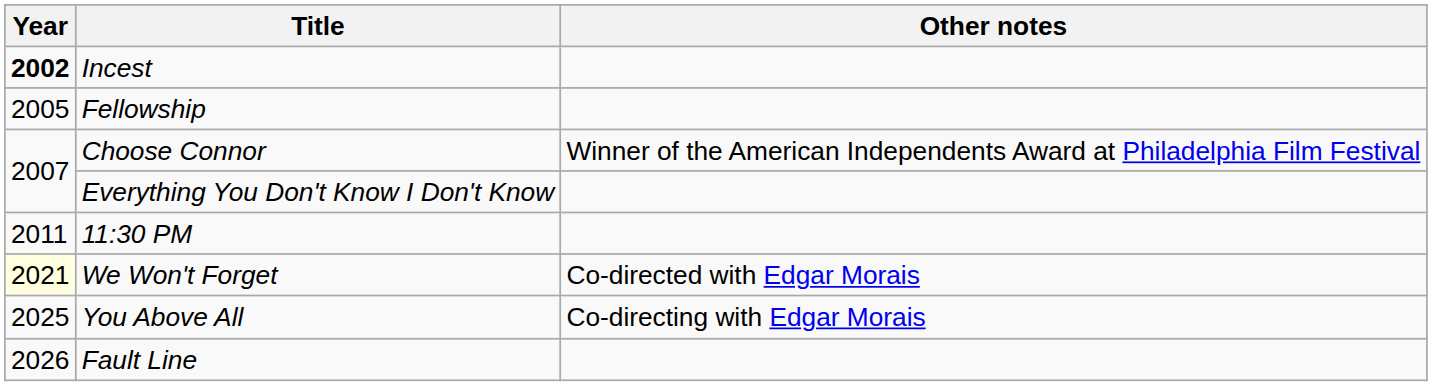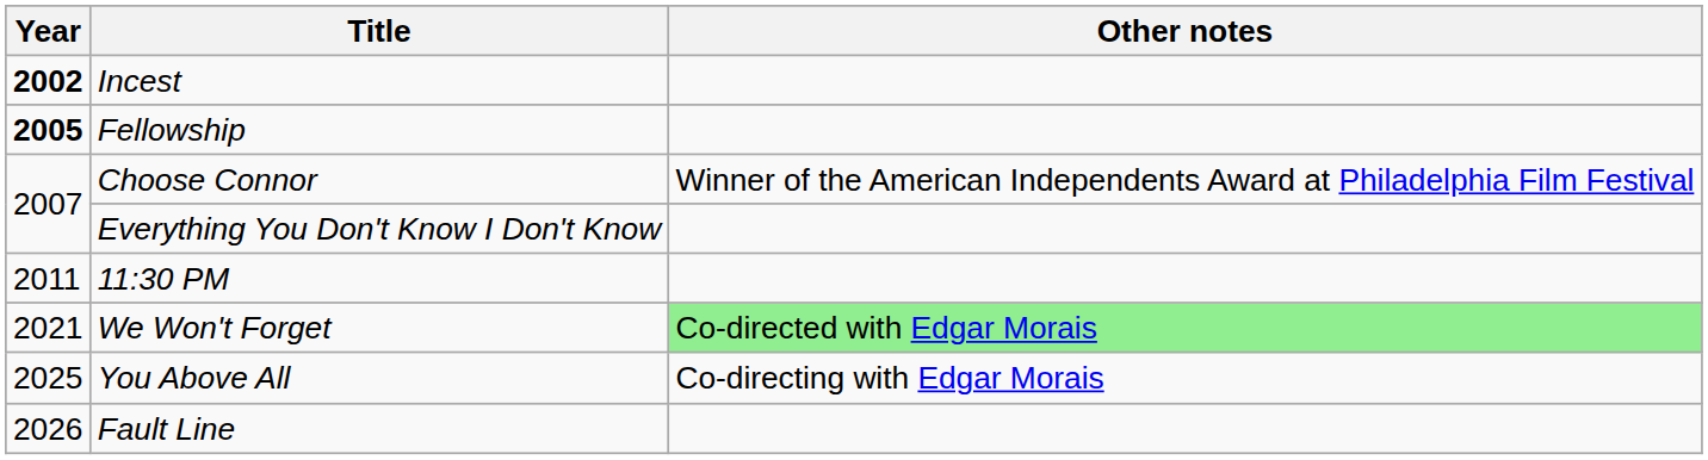 <table class="wikitable" style="font-size: 95%;">
 <tr>
 <th>Year</th>
 <th>Title</th>
 <th>Other notes</th>
 </tr>
 <tr>
 <td><strong>2002</strong></td>
 <td><em>Incest</em></td>
 <td></td>
 </tr>
 <tr>
-<td rowspan =1>2005</td>
+<td rowspan =1><strong>2005</strong></td>
 <td><em>Fellowship</em></td>
 <td></td>
 </tr>
 <tr>
 <td rowspan =2>2007</td>
 <td><em>Choose Connor</em></td>
 <td>Winner of the American Independents Award at <a href='#'>Philadelphia Film Festival</a></td>
 </tr>
 <tr>
 <td><em>Everything You Don't Know I Don't Know</em></td>
 <td></td>
 </tr>
 <tr>
 <td rowspan =1>2011</td>
 <td><em>11:30 PM</em></td>
 <td></td>
 </tr>
 <tr>
-<td rowspan =1 style="background: lightyellow;">2021</td>
+<td rowspan =1>2021</td>
 <td><em>We Won't Forget</em></td>
-<td>Co-directed with <a href='#'>Edgar Morais</a></td>
+<td style="background: lightgreen;">Co-directed with <a href='#'>Edgar Morais</a></td>
 </tr>
 <tr>
 <td>2025</td>
 <td><em>You Above All</em></td>
 <td>Co-directing with <a href='#'>Edgar Morais</a></td>
 </tr>
 <tr>
 <td>2026</td>
 <td><em>Fault Line</em></td>
 </tr>
 </table>
